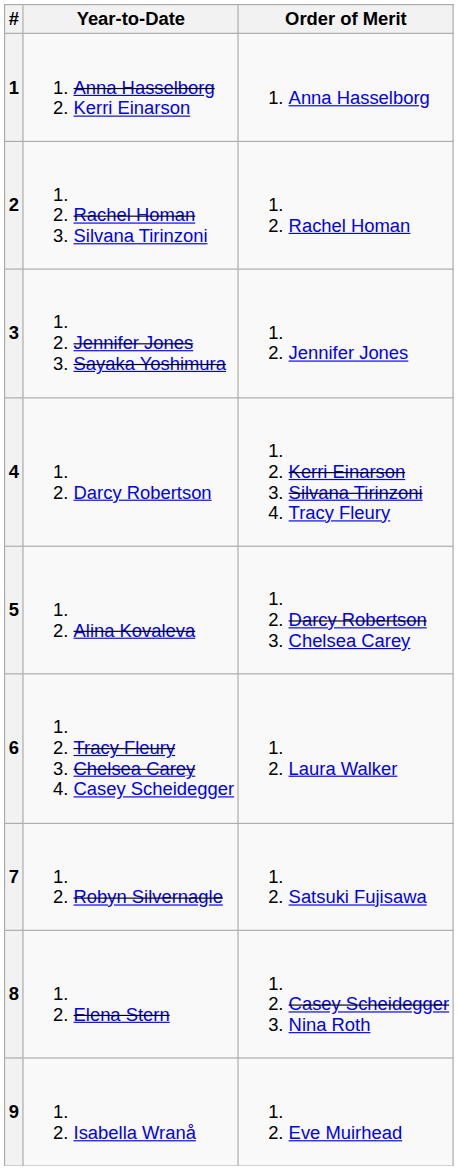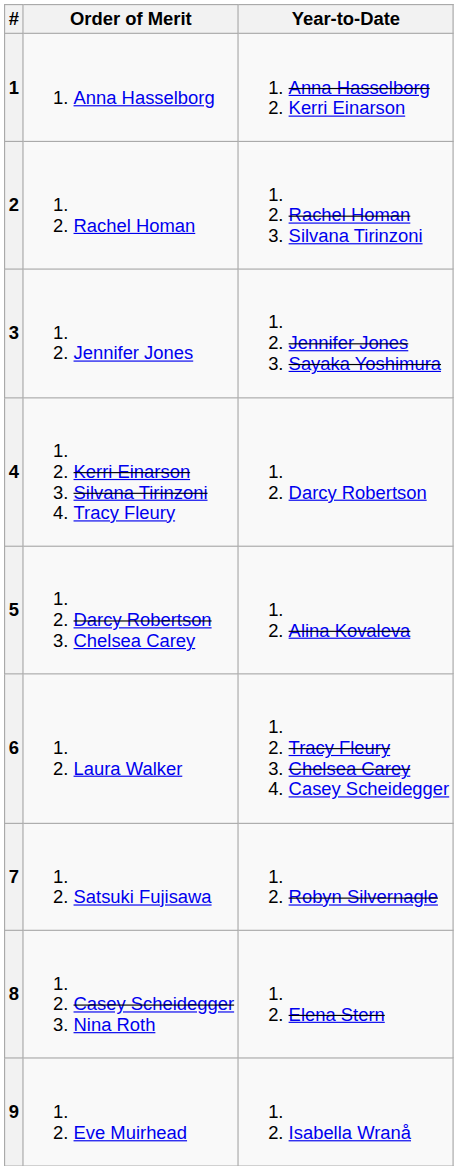 <table class=wikitable>
 <tr>
 <th>#</th>
+<th>Order of Merit</th>
 <th>Year-to-Date</th>
-<th>Order of Merit</th>
 </tr>
 <tr>
 <th>1</th>
+<td><br><ol><li> <a href='#'>Anna Hasselborg</a></li></ol></td>
 <td><br><ol><li> <s><a href='#'>Anna Hasselborg</a></s></li><li> <a href='#'>Kerri Einarson</a></li></ol></td>
-<td><br><ol><li> <a href='#'>Anna Hasselborg</a></li></ol></td>
 </tr>
 <tr>
 <th>2</th>
+<td><br><ol><li><li> <a href='#'>Rachel Homan</a></li></li></ol></td>
 <td><br><ol><li><li> <s><a href='#'>Rachel Homan</a></s></li></li><li> <a href='#'>Silvana Tirinzoni</a></li></ol></td>
-<td><br><ol><li><li> <a href='#'>Rachel Homan</a></li></li></ol></td>
 </tr>
 <tr>
 <th>3</th>
+<td><br><ol><li><li> <a href='#'>Jennifer Jones</a></li></li></ol></td>
 <td><br><ol><li><li> <s><a href='#'>Jennifer Jones</a></s></li></li><li> <s><a href='#'>Sayaka Yoshimura</a></s></li></ol></td>
-<td><br><ol><li><li> <a href='#'>Jennifer Jones</a></li></li></ol></td>
 </tr>
 <tr>
 <th>4</th>
+<td><br><ol><li><li> <s><a href='#'>Kerri Einarson</a></s></li></li><li> <s><a href='#'>Silvana Tirinzoni</a></s></li><li> <a href='#'>Tracy Fleury</a></li></ol></td>
 <td><br><ol><li><li> <a href='#'>Darcy Robertson</a></li></li></ol></td>
-<td><br><ol><li><li> <s><a href='#'>Kerri Einarson</a></s></li></li><li> <s><a href='#'>Silvana Tirinzoni</a></s></li><li> <a href='#'>Tracy Fleury</a></li></ol></td>
 </tr>
 <tr>
 <th>5</th>
+<td><br><ol><li><li> <s><a href='#'>Darcy Robertson</a></s></li></li><li> <a href='#'>Chelsea Carey</a></li></ol></td>
 <td><br><ol><li><li> <s><a href='#'>Alina Kovaleva</a></s></li></li></ol></td>
-<td><br><ol><li><li> <s><a href='#'>Darcy Robertson</a></s></li></li><li> <a href='#'>Chelsea Carey</a></li></ol></td>
 </tr>
 <tr>
 <th>6</th>
+<td><br><ol><li><li> <a href='#'>Laura Walker</a></li></li></ol></td>
 <td><br><ol><li><li> <s><a href='#'>Tracy Fleury</a></s></li></li><li> <s><a href='#'>Chelsea Carey</a></s></li><li> <a href='#'>Casey Scheidegger</a></li></ol></td>
-<td><br><ol><li><li> <a href='#'>Laura Walker</a></li></li></ol></td>
 </tr>
 <tr>
 <th>7</th>
+<td><br><ol><li><li> <a href='#'>Satsuki Fujisawa</a></li></li></ol></td>
 <td><br><ol><li><li> <s><a href='#'>Robyn Silvernagle</a></s></li></li></ol></td>
-<td><br><ol><li><li> <a href='#'>Satsuki Fujisawa</a></li></li></ol></td>
 </tr>
 <tr>
 <th>8</th>
+<td><br><ol><li><li> <s><a href='#'>Casey Scheidegger</a></s></li></li><li> <a href='#'>Nina Roth</a></li></ol></td>
 <td><br><ol><li><li> <s><a href='#'>Elena Stern</a></s></li></li></ol></td>
-<td><br><ol><li><li> <s><a href='#'>Casey Scheidegger</a></s></li></li><li> <a href='#'>Nina Roth</a></li></ol></td>
 </tr>
 <tr>
 <th>9</th>
+<td><br><ol><li><li> <a href='#'>Eve Muirhead</a></li></li></ol></td>
 <td><br><ol><li><li> <a href='#'>Isabella Wranå</a></li></li></ol></td>
-<td><br><ol><li><li> <a href='#'>Eve Muirhead</a></li></li></ol></td>
 </tr>
 </table>
